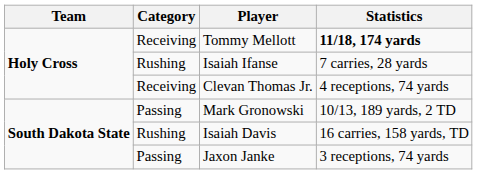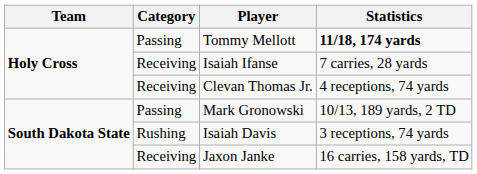 <table class="wikitable" style="float: left;">
 <tr>
 <th>Team</th>
 <th>Category</th>
 <th>Player</th>
 <th>Statistics</th>
 </tr>
 <tr>
 <td rowspan=3><strong>Holy Cross</strong></td>
-<td>Receiving</td>
+<td>Passing</td>
 <td>Tommy Mellott</td>
 <td><strong>11/18, 174 yards</strong></td>
 </tr>
 <tr>
-<td>Rushing</td>
+<td>Receiving</td>
 <td>Isaiah Ifanse</td>
 <td>7 carries, 28 yards</td>
 </tr>
 <tr>
 <td>Receiving</td>
 <td>Clevan Thomas Jr.</td>
 <td>4 receptions, 74 yards</td>
 </tr>
 <tr>
 <td rowspan=3><strong>South Dakota State</strong></td>
 <td>Passing</td>
 <td>Mark Gronowski</td>
 <td>10/13, 189 yards, 2 TD</td>
 </tr>
 <tr>
 <td>Rushing</td>
 <td>Isaiah Davis</td>
+<td>3 receptions, 74 yards</td>
+</tr>
+<tr>
+<td>Receiving</td>
+<td>Jaxon Janke</td>
 <td>16 carries, 158 yards, TD</td>
 </tr>
-<tr>
-<td>Passing</td>
-<td>Jaxon Janke</td>
-<td>3 receptions, 74 yards</td>
-</tr>
 </table>
